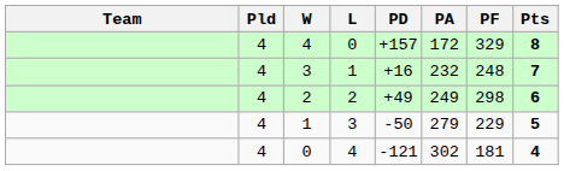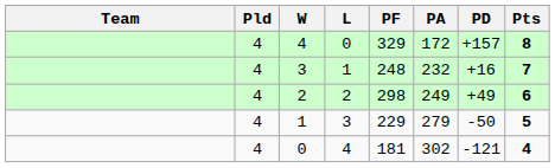 <table class="wikitable" style="text-align:center;">
 <tr>
 <th width=180>Team</th>
 <th width=30>Pld</th>
 <th width=30>W</th>
 <th width=30>L</th>
+<th width=30>PF</th>
+<th width=30>PA</th>
 <th width=30>PD</th>
-<th width=30>PA</th>
-<th width=30>PF</th>
 <th width=30>Pts</th>
 </tr>
 <tr bgcolor="#ccffcc">
 <td align=left></td>
 <td>4</td>
 <td>4</td>
 <td>0</td>
+<td>329</td>
+<td>172</td>
 <td>+157</td>
-<td>172</td>
-<td>329</td>
 <td><strong>8</strong></td>
 </tr>
 <tr bgcolor="#ccffcc">
 <td align=left></td>
 <td>4</td>
 <td>3</td>
 <td>1</td>
+<td>248</td>
+<td>232</td>
 <td>+16</td>
-<td>232</td>
-<td>248</td>
 <td><strong>7</strong></td>
 </tr>
 <tr bgcolor="#ccffcc">
 <td align=left></td>
 <td>4</td>
 <td>2</td>
 <td>2</td>
+<td>298</td>
+<td>249</td>
 <td>+49</td>
-<td>249</td>
-<td>298</td>
 <td><strong>6</strong></td>
 </tr>
 <tr>
 <td align=left></td>
 <td>4</td>
 <td>1</td>
 <td>3</td>
+<td>229</td>
+<td>279</td>
 <td>-50</td>
-<td>279</td>
-<td>229</td>
 <td><strong>5</strong></td>
 </tr>
 <tr>
 <td align=left></td>
 <td>4</td>
 <td>0</td>
 <td>4</td>
+<td>181</td>
+<td>302</td>
 <td>-121</td>
-<td>302</td>
-<td>181</td>
 <td><strong> 4</strong></td>
 </tr>
 </table>
